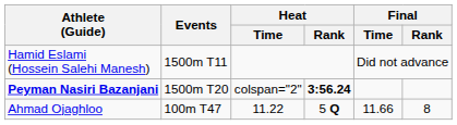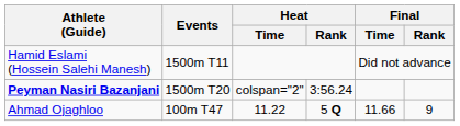 <table class=wikitable style="font-size:90%">
 <tr>
 <th rowspan="2">Athlete<br>(Guide)</th>
 <th rowspan="2">Events</th>
 <th colspan="2">Heat</th>
 <th colspan="2">Final</th>
 </tr>
 <tr>
 <th>Time</th>
 <th>Rank</th>
 <th>Time</th>
 <th>Rank</th>
 </tr>
 <tr>
 <td><a href='#'>Hamid Eslami</a><br>(<a href='#'>Hossein Salehi Manesh</a>)</td>
 <td>1500m T11</td>
 <td align=center colspan="2"></td>
 <td colspan="2">Did not advance</td>
 </tr>
 <tr>
 <td><strong><a href='#'>Peyman Nasiri Bazanjani</a></strong></td>
 <td>1500m T20</td>
 <td>colspan="2" </td>
-<td><strong>3:56.24</strong></td>
+<td>3:56.24</td>
 <td align="center"><strong></strong></td>
 </tr>
 <tr>
 <td><a href='#'>Ahmad Ojaghloo</a></td>
 <td>100m T47</td>
 <td align="center">11.22</td>
 <td align="center">5 <strong>Q</strong></td>
 <td align="center">11.66</td>
-<td align="center">8</td>
+<td align="center">9</td>
 </tr>
 </table>
